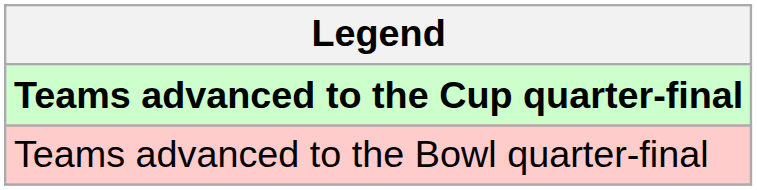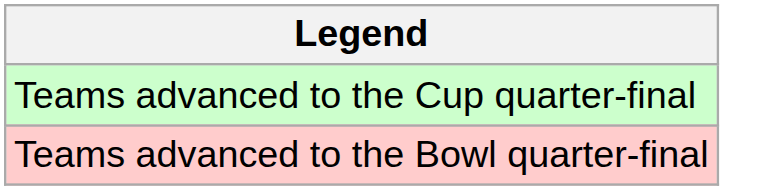 <table class="wikitable">
 <tr>
 <th>Legend</th>
 </tr>
 <tr bgcolor=ccffcc>
-<td align=left><strong>Teams advanced to the Cup quarter-final</strong></td>
+<td align=left>Teams advanced to the Cup quarter-final</td>
 </tr>
 <tr bgcolor=ffcccc>
 <td align=left>Teams advanced to the Bowl quarter-final</td>
 </tr>
 </table>
